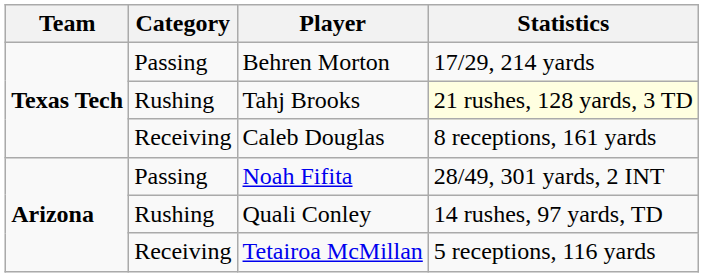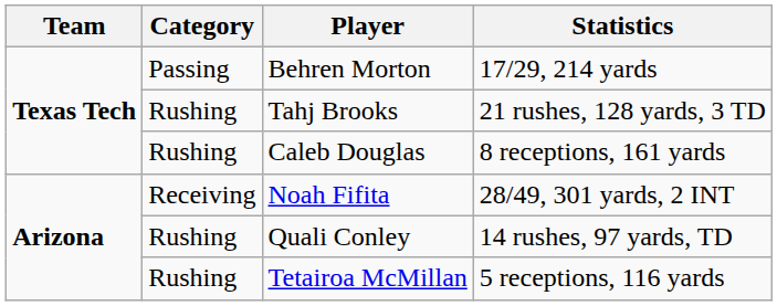 <table class="wikitable" style="float: right;">
 <tr>
 <th>Team</th>
 <th>Category</th>
 <th>Player</th>
 <th>Statistics</th>
 </tr>
 <tr>
 <td rowspan=3><strong>Texas Tech</strong></td>
 <td>Passing</td>
 <td>Behren Morton</td>
 <td>17/29, 214 yards</td>
 </tr>
 <tr>
 <td>Rushing</td>
 <td>Tahj Brooks</td>
-<td style="background: lightyellow;">21 rushes, 128 yards, 3 TD</td>
+<td>21 rushes, 128 yards, 3 TD</td>
 </tr>
 <tr>
-<td>Receiving</td>
+<td>Rushing</td>
 <td>Caleb Douglas</td>
 <td>8 receptions, 161 yards</td>
 </tr>
 <tr>
 <td rowspan=3><strong>Arizona</strong></td>
-<td>Passing</td>
+<td>Receiving</td>
 <td><a href='#'>Noah Fifita</a></td>
 <td>28/49, 301 yards, 2 INT</td>
 </tr>
 <tr>
 <td>Rushing</td>
 <td>Quali Conley</td>
 <td>14 rushes, 97 yards, TD</td>
 </tr>
 <tr>
-<td>Receiving</td>
+<td>Rushing</td>
 <td><a href='#'>Tetairoa McMillan</a></td>
 <td>5 receptions, 116 yards</td>
 </tr>
 </table>
